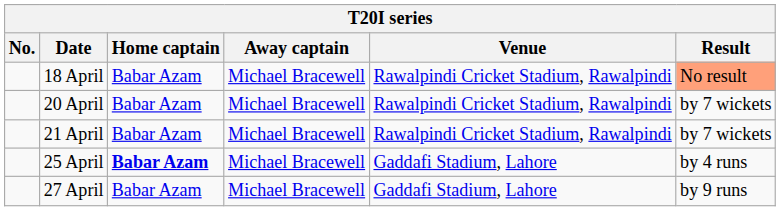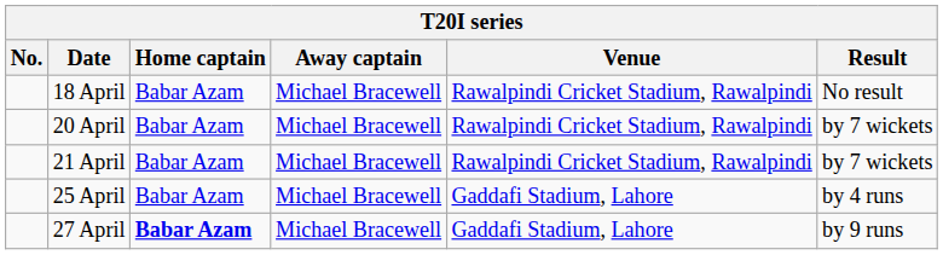 <table class="wikitable">
 <tr>
 <th colspan="9">T20I series</th>
 </tr>
 <tr>
 <th>No.</th>
 <th>Date</th>
 <th>Home captain</th>
 <th>Away captain</th>
 <th>Venue</th>
 <th>Result</th>
 </tr>
 <tr>
 <td></td>
 <td>18 April</td>
 <td><a href='#'>Babar Azam</a></td>
 <td><a href='#'>Michael Bracewell</a></td>
 <td><a href='#'>Rawalpindi Cricket Stadium</a>, <a href='#'>Rawalpindi</a></td>
-<td style="background: lightsalmon;">No result</td>
+<td>No result</td>
 </tr>
 <tr>
 <td></td>
 <td>20 April</td>
 <td><a href='#'>Babar Azam</a></td>
 <td><a href='#'>Michael Bracewell</a></td>
 <td><a href='#'>Rawalpindi Cricket Stadium</a>, <a href='#'>Rawalpindi</a></td>
 <td> by 7 wickets</td>
 </tr>
 <tr>
 <td></td>
 <td>21 April</td>
 <td><a href='#'>Babar Azam</a></td>
 <td><a href='#'>Michael Bracewell</a></td>
 <td><a href='#'>Rawalpindi Cricket Stadium</a>, <a href='#'>Rawalpindi</a></td>
 <td> by 7 wickets</td>
 </tr>
 <tr>
 <td></td>
 <td>25 April</td>
-<td><strong><a href='#'>Babar Azam</a></strong></td>
+<td><a href='#'>Babar Azam</a></td>
 <td><a href='#'>Michael Bracewell</a></td>
 <td><a href='#'>Gaddafi Stadium</a>, <a href='#'>Lahore</a></td>
 <td> by 4 runs</td>
 </tr>
 <tr>
 <td></td>
 <td>27 April</td>
-<td><a href='#'>Babar Azam</a></td>
+<td><strong><a href='#'>Babar Azam</a></strong></td>
 <td><a href='#'>Michael Bracewell</a></td>
 <td><a href='#'>Gaddafi Stadium</a>, <a href='#'>Lahore</a></td>
 <td> by 9 runs</td>
 </tr>
 </table>
